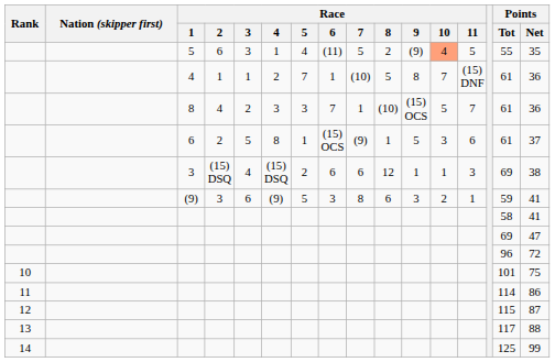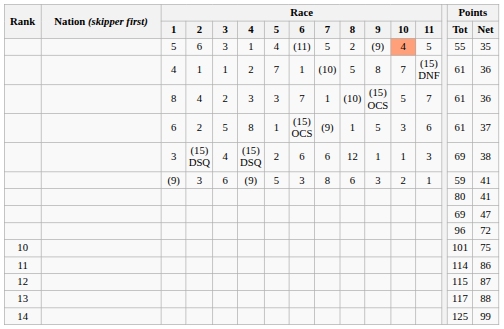 <table class="wikitable" style="text-align:center">
 <tr>
 <th rowspan="2">Rank</th>
 <th rowspan="2">Nation <em>(skipper first)</em></th>
 <th colspan="11">Race</th>
 <th width=1% rowspan=45></th>
 <th colspan="2">Points</th>
 </tr>
 <tr>
 <th width=30>1</th>
 <th width=30>2</th>
 <th width=30>3</th>
 <th width=30>4</th>
 <th width=30>5</th>
 <th width=30>6</th>
 <th width=30>7</th>
 <th width=30>8</th>
 <th width=30>9</th>
 <th width=30>10</th>
 <th width=30>11</th>
 <th>Tot</th>
 <th>Net</th>
 </tr>
 <tr>
 <td></td>
 <td align=left></td>
 <td>5</td>
 <td>6</td>
 <td>3</td>
 <td>1</td>
 <td>4</td>
 <td>(11)</td>
 <td>5</td>
 <td>2</td>
 <td>(9)</td>
 <td style="background: lightsalmon;">4</td>
 <td>5</td>
 <td>55</td>
 <td>35</td>
 </tr>
 <tr>
 <td></td>
 <td align=left></td>
 <td>4</td>
 <td>1</td>
 <td>1</td>
 <td>2</td>
 <td>7</td>
 <td>1</td>
 <td>(10)</td>
 <td>5</td>
 <td>8</td>
 <td>7</td>
 <td>(15)<br>DNF</td>
 <td>61</td>
 <td>36</td>
 </tr>
 <tr>
 <td></td>
 <td align=left></td>
 <td>8</td>
 <td>4</td>
 <td>2</td>
 <td>3</td>
 <td>3</td>
 <td>7</td>
 <td>1</td>
 <td>(10)</td>
 <td>(15)<br>OCS</td>
 <td>5</td>
 <td>7</td>
 <td>61</td>
 <td>36</td>
 </tr>
 <tr>
 <td></td>
 <td align=left></td>
 <td>6</td>
 <td>2</td>
 <td>5</td>
 <td>8</td>
 <td>1</td>
 <td>(15)<br>OCS</td>
 <td>(9)</td>
 <td>1</td>
 <td>5</td>
 <td>3</td>
 <td>6</td>
 <td>61</td>
 <td>37</td>
 </tr>
 <tr>
 <td></td>
 <td align=left></td>
 <td>3</td>
 <td>(15)<br>DSQ</td>
 <td>4</td>
 <td>(15)<br>DSQ</td>
 <td>2</td>
 <td>6</td>
 <td>6</td>
 <td>12</td>
 <td>1</td>
 <td>1</td>
 <td>3</td>
 <td>69</td>
 <td>38</td>
 </tr>
 <tr>
 <td></td>
 <td align=left></td>
 <td>(9)</td>
 <td>3</td>
 <td>6</td>
 <td>(9)</td>
 <td>5</td>
 <td>3</td>
 <td>8</td>
 <td>6</td>
 <td>3</td>
 <td>2</td>
 <td>1</td>
 <td>59</td>
 <td>41</td>
 </tr>
 <tr>
 <td></td>
 <td align=left></td>
 <td></td>
 <td></td>
 <td></td>
 <td></td>
 <td></td>
 <td></td>
 <td></td>
 <td></td>
 <td></td>
 <td></td>
 <td></td>
-<td>58</td>
+<td>80</td>
 <td>41</td>
 </tr>
 <tr>
 <td></td>
 <td align=left></td>
 <td></td>
 <td></td>
 <td></td>
 <td></td>
 <td></td>
 <td></td>
 <td></td>
 <td></td>
 <td></td>
 <td></td>
 <td></td>
 <td>69</td>
 <td>47</td>
 </tr>
 <tr>
 <td></td>
 <td align=left></td>
 <td></td>
 <td></td>
 <td></td>
 <td></td>
 <td></td>
 <td></td>
 <td></td>
 <td></td>
 <td></td>
 <td></td>
 <td></td>
 <td>96</td>
 <td>72</td>
 </tr>
 <tr>
 <td>10</td>
 <td align=left></td>
 <td></td>
 <td></td>
 <td></td>
 <td></td>
 <td></td>
 <td></td>
 <td></td>
 <td></td>
 <td></td>
 <td></td>
 <td></td>
 <td>101</td>
 <td>75</td>
 </tr>
 <tr>
 <td>11</td>
 <td align=left></td>
 <td></td>
 <td></td>
 <td></td>
 <td></td>
 <td></td>
 <td></td>
 <td></td>
 <td></td>
 <td></td>
 <td></td>
 <td></td>
 <td>114</td>
 <td>86</td>
 </tr>
 <tr>
 <td>12</td>
 <td align=left></td>
 <td></td>
 <td></td>
 <td></td>
 <td></td>
 <td></td>
 <td></td>
 <td></td>
 <td></td>
 <td></td>
 <td></td>
 <td></td>
 <td>115</td>
 <td>87</td>
 </tr>
 <tr>
 <td>13</td>
 <td align=left></td>
 <td></td>
 <td></td>
 <td></td>
 <td></td>
 <td></td>
 <td></td>
 <td></td>
 <td></td>
 <td></td>
 <td></td>
 <td></td>
 <td>117</td>
 <td>88</td>
 </tr>
 <tr>
 <td>14</td>
 <td align=left></td>
 <td></td>
 <td></td>
 <td></td>
 <td></td>
 <td></td>
 <td></td>
 <td></td>
 <td></td>
 <td></td>
 <td></td>
 <td></td>
 <td>125</td>
 <td>99</td>
 </tr>
 </table>
